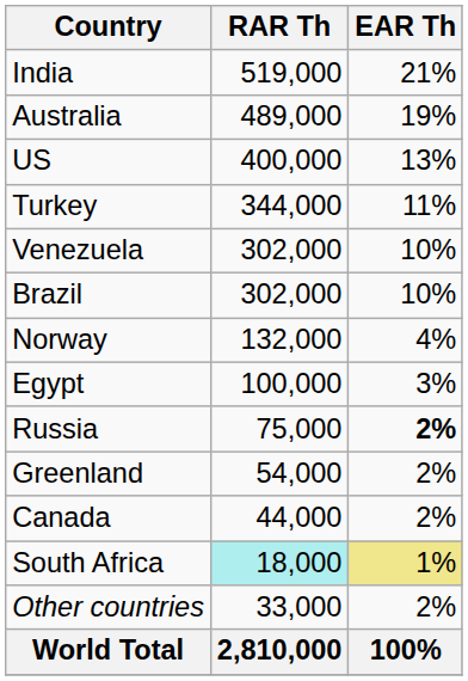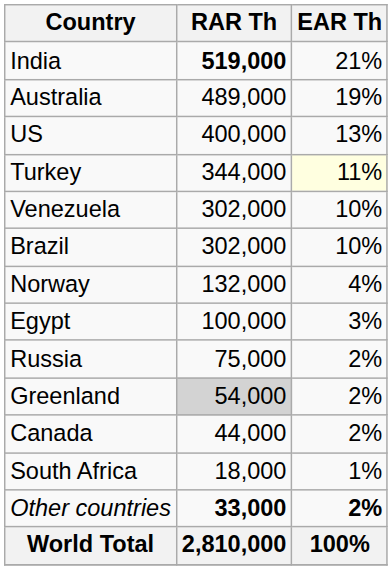 <table class="sortable wikitable floatright" style="text-align:right;">
 <tr>
 <th align="left">Country</th>
 <th>RAR Th</th>
 <th>EAR Th</th>
 </tr>
 <tr>
 <td align="left">India</td>
-<td>519,000</td>
+<td><strong>519,000</strong></td>
 <td>21%</td>
 </tr>
 <tr>
 <td align="left">Australia</td>
 <td>489,000</td>
 <td>19%</td>
 </tr>
 <tr>
 <td align="left">US</td>
 <td>400,000</td>
 <td>13%</td>
 </tr>
 <tr>
 <td align="left">Turkey</td>
 <td>344,000</td>
-<td>11%</td>
+<td style="background: lightyellow;">11%</td>
 </tr>
 <tr>
 <td align="left">Venezuela</td>
 <td>302,000</td>
 <td>10%</td>
 </tr>
 <tr>
 <td align="left">Brazil</td>
 <td>302,000</td>
 <td>10%</td>
 </tr>
 <tr>
 <td align="left">Norway</td>
 <td>132,000</td>
 <td>4%</td>
 </tr>
 <tr>
 <td align="left">Egypt</td>
 <td>100,000</td>
 <td>3%</td>
 </tr>
 <tr>
 <td align="left">Russia</td>
 <td>75,000</td>
-<td><strong>2%</strong></td>
+<td>2%</td>
 </tr>
 <tr>
 <td align="left">Greenland</td>
-<td>54,000</td>
+<td style="background: lightgrey;">54,000</td>
 <td>2%</td>
 </tr>
 <tr>
 <td align="left">Canada</td>
 <td>44,000</td>
 <td>2%</td>
 </tr>
 <tr>
 <td align="left">South Africa</td>
-<td style="background: paleturquoise;">18,000</td>
-<td style="background: khaki;">1%</td>
+<td>18,000</td>
+<td>1%</td>
 </tr>
 <tr>
 <td align="left"><em>Other countries</em></td>
-<td>33,000</td>
-<td>2%</td>
+<td><strong>33,000</strong></td>
+<td><strong>2%</strong></td>
 </tr>
 <tr>
 <th align="center">World Total</th>
 <th>2,810,000</th>
 <th>100%</th>
 </tr>
 <tr>
 </tr>
 </table>
